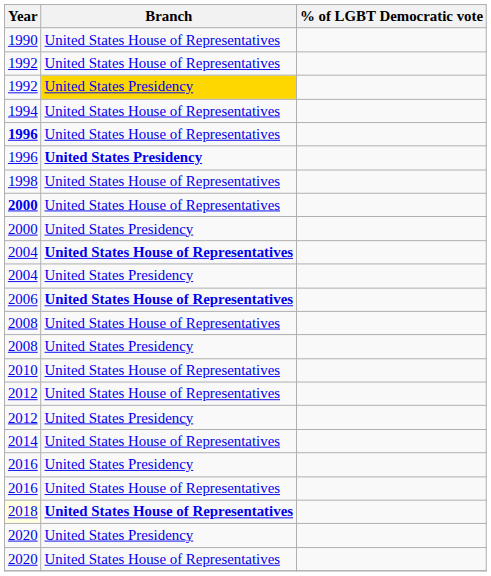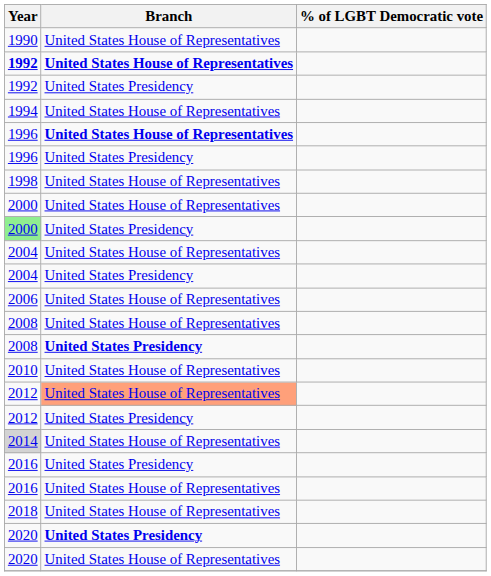 <table class="wikitable sortable collapsible">
 <tr>
 <th>Year</th>
 <th>Branch</th>
 <th colspan="2">% of LGBT Democratic vote</th>
 </tr>
 <tr>
 <td><a href='#'>1990</a></td>
 <td><a href='#'>United States House of Representatives</a></td>
 <td align=right></td>
 </tr>
 <tr>
-<td><a href='#'>1992</a></td>
-<td><a href='#'>United States House of Representatives</a></td>
+<td><strong><a href='#'>1992</a></strong></td>
+<td><strong><a href='#'>United States House of Representatives</a></strong></td>
 <td align=right></td>
 </tr>
 <tr>
 <td><a href='#'>1992</a></td>
-<td style="background: gold;"><a href='#'>United States Presidency</a></td>
+<td><a href='#'>United States Presidency</a></td>
 <td align=right></td>
 </tr>
 <tr>
 <td><a href='#'>1994</a></td>
 <td><a href='#'>United States House of Representatives</a></td>
 <td align=right></td>
 </tr>
 <tr>
-<td><strong><a href='#'>1996</a></strong></td>
-<td><a href='#'>United States House of Representatives</a></td>
+<td><a href='#'>1996</a></td>
+<td><strong><a href='#'>United States House of Representatives</a></strong></td>
 <td align=right></td>
 </tr>
 <tr>
 <td><a href='#'>1996</a></td>
-<td><strong><a href='#'>United States Presidency</a></strong></td>
+<td><a href='#'>United States Presidency</a></td>
 <td align=right></td>
 </tr>
 <tr>
 <td><a href='#'>1998</a></td>
 <td><a href='#'>United States House of Representatives</a></td>
 <td align=right></td>
 </tr>
 <tr>
-<td><strong><a href='#'>2000</a></strong></td>
+<td><a href='#'>2000</a></td>
 <td><a href='#'>United States House of Representatives</a></td>
 <td align=right></td>
 </tr>
 <tr>
-<td><a href='#'>2000</a></td>
+<td style="background: lightgreen;"><a href='#'>2000</a></td>
 <td><a href='#'>United States Presidency</a></td>
 <td align=right></td>
 </tr>
 <tr>
 <td><a href='#'>2004</a></td>
-<td><strong><a href='#'>United States House of Representatives</a></strong></td>
+<td><a href='#'>United States House of Representatives</a></td>
 <td align=right></td>
 </tr>
 <tr>
 <td><a href='#'>2004</a></td>
 <td><a href='#'>United States Presidency</a></td>
 <td align=right></td>
 </tr>
 <tr>
 <td><a href='#'>2006</a></td>
-<td><strong><a href='#'>United States House of Representatives</a></strong></td>
+<td><a href='#'>United States House of Representatives</a></td>
 <td align=right></td>
 </tr>
 <tr>
 <td><a href='#'>2008</a></td>
 <td><a href='#'>United States House of Representatives</a></td>
 <td align=right></td>
 </tr>
 <tr>
 <td><a href='#'>2008</a></td>
-<td><a href='#'>United States Presidency</a></td>
+<td><strong><a href='#'>United States Presidency</a></strong></td>
 <td align=right></td>
 </tr>
 <tr>
 <td><a href='#'>2010</a></td>
 <td><a href='#'>United States House of Representatives</a></td>
 <td align=right></td>
 </tr>
 <tr>
 <td><a href='#'>2012</a></td>
-<td><a href='#'>United States House of Representatives</a></td>
+<td style="background: lightsalmon;"><a href='#'>United States House of Representatives</a></td>
 <td align=right></td>
 </tr>
 <tr>
 <td><a href='#'>2012</a></td>
 <td><a href='#'>United States Presidency</a></td>
 <td align=right></td>
 </tr>
 <tr>
-<td><a href='#'>2014</a></td>
+<td style="background: lightgrey;"><a href='#'>2014</a></td>
 <td><a href='#'>United States House of Representatives</a></td>
 <td align=right></td>
 </tr>
 <tr>
 <td><a href='#'>2016</a></td>
 <td><a href='#'>United States Presidency</a></td>
 <td align=right></td>
 </tr>
 <tr>
 <td><a href='#'>2016</a></td>
 <td><a href='#'>United States House of Representatives</a></td>
 <td align=right></td>
 </tr>
 <tr>
-<td style="background: lightyellow;"><a href='#'>2018</a></td>
-<td><strong><a href='#'>United States House of Representatives</a></strong></td>
+<td><a href='#'>2018</a></td>
+<td><a href='#'>United States House of Representatives</a></td>
 <td align=right></td>
 </tr>
 <tr>
 <td><a href='#'>2020</a></td>
-<td><a href='#'>United States Presidency</a></td>
+<td><strong><a href='#'>United States Presidency</a></strong></td>
 <td align=right></td>
 </tr>
 <tr>
 <td><a href='#'>2020</a></td>
 <td><a href='#'>United States House of Representatives</a></td>
 <td align=right></td>
 </tr>
 <tr>
 </tr>
 </table>
